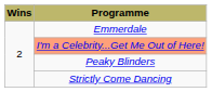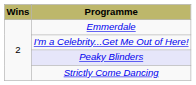 <table class="wikitable" style="text-align:center;">
 <tr>
 <th style="background:#BDB76B;">Wins</th>
 <th style="background:#BDB76B;">Programme</th>
 </tr>
 <tr>
 <td rowspan="4">2</td>
 <td><em><a href='#'>Emmerdale</a></em></td>
 </tr>
 <tr>
-<td style="background: lightsalmon;"><em><a href='#'>I'm a Celebrity...Get Me Out of Here!</a></em></td>
+<td><em><a href='#'>I'm a Celebrity...Get Me Out of Here!</a></em></td>
 </tr>
 <tr>
-<td><em><a href='#'>Peaky Blinders</a></em></td>
+<td style="background: lavender;"><em><a href='#'>Peaky Blinders</a></em></td>
 </tr>
 <tr>
 <td><em><a href='#'>Strictly Come Dancing</a></em></td>
 </tr>
 </table>
